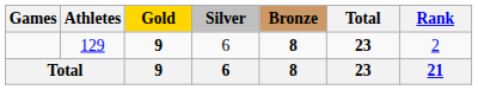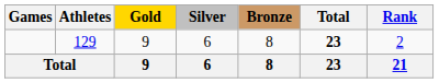 <table class="wikitable" style="text-align:center; font-size:90%;">
 <tr>
 <th>Games</th>
 <th>Athletes</th>
 <td style="background:gold; width:3.7em; font-weight:bold;">Gold</td>
 <td style="background:silver; width:3.7em; font-weight:bold;">Silver</td>
 <td style="background:#cc9966; width:3.7em; font-weight:bold;">Bronze</td>
 <th style="width:4em; font-weight:bold;">Total</th>
 <th style="width:4em; font-weight:bold;"><a href='#'>Rank</a></th>
 </tr>
 <tr>
 <td align=left></td>
 <td><a href='#'>129</a></td>
-<td><strong>9</strong></td>
+<td>9</td>
 <td>6</td>
-<td><strong>8</strong></td>
+<td>8</td>
 <td><strong>23</strong></td>
 <td><a href='#'>2</a></td>
 </tr>
 <tr>
 <th colspan=2>Total</th>
 <th>9</th>
 <th>6</th>
 <th>8</th>
 <th>23</th>
 <th><a href='#'>21</a></th>
 </tr>
 </table>
